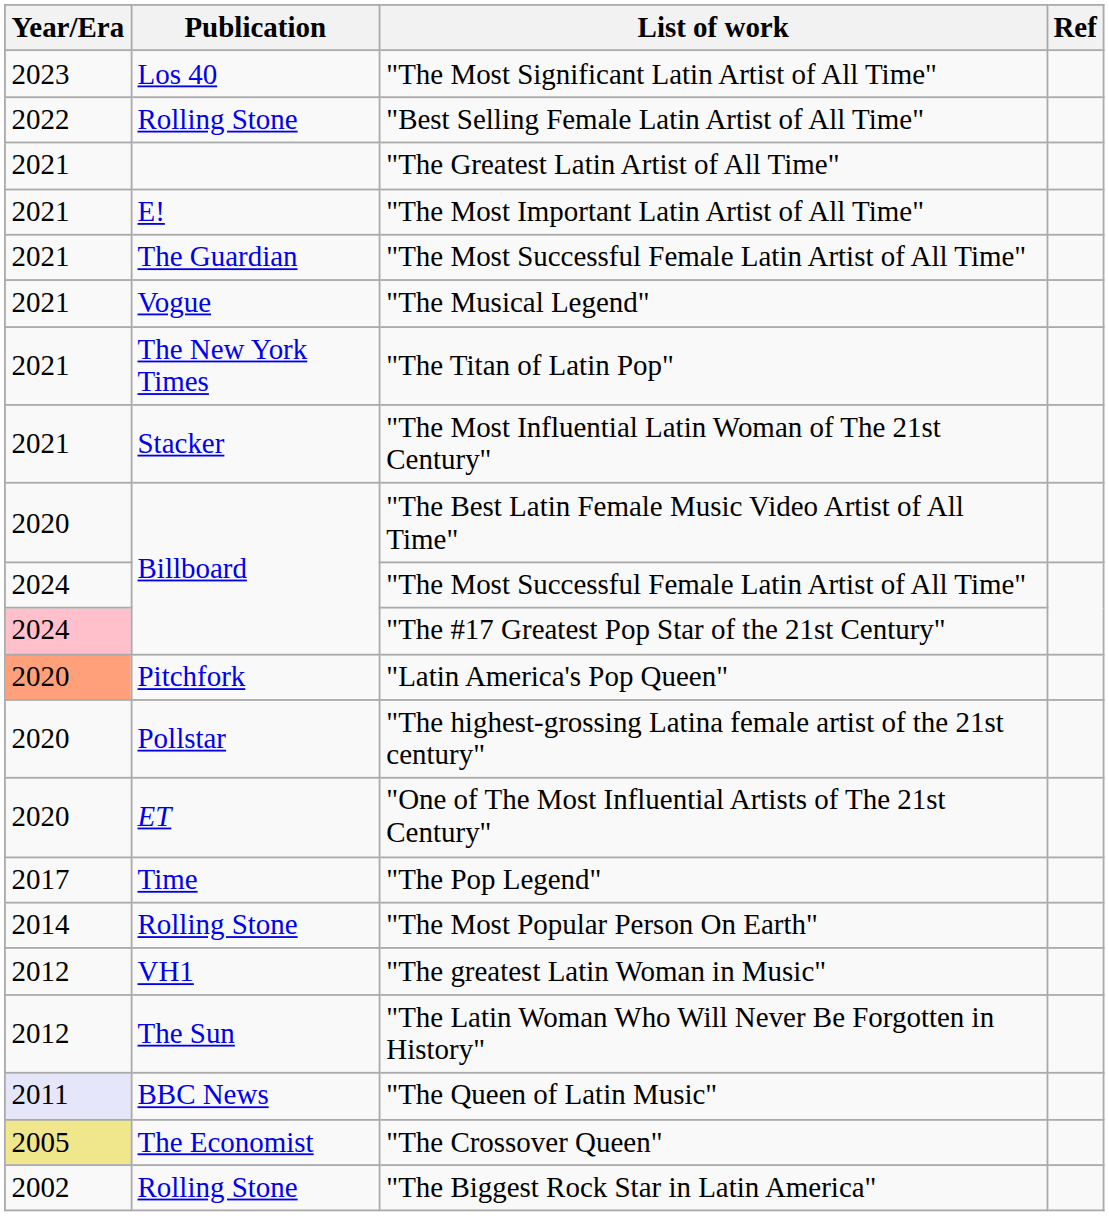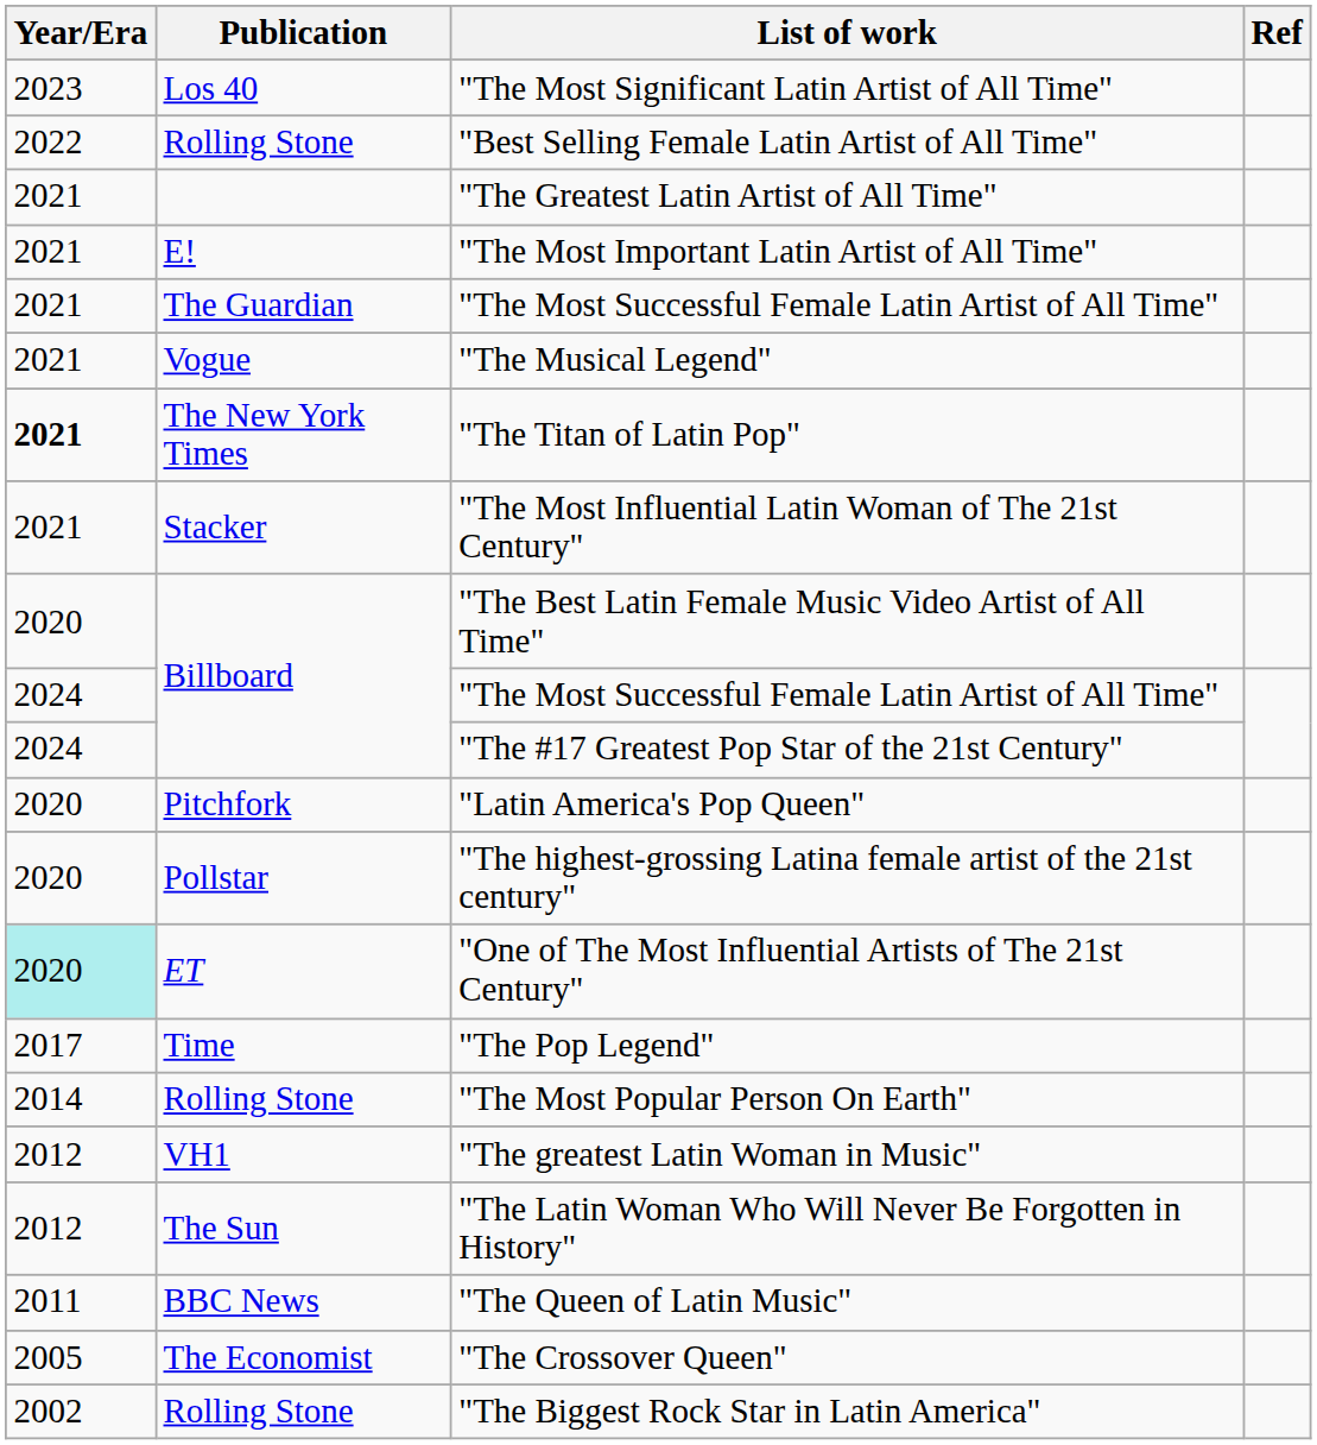 <table class="wikitable">
 <tr>
 <th>Year/Era</th>
 <th>Publication</th>
 <th>List of work</th>
 <th>Ref</th>
 </tr>
 <tr>
 <td>2023</td>
 <td><a href='#'>Los 40</a></td>
 <td>"The Most Significant Latin Artist of All Time"</td>
 <td></td>
 </tr>
 <tr>
 <td>2022</td>
 <td><a href='#'>Rolling Stone</a></td>
 <td>"Best Selling Female Latin Artist of All Time"</td>
 <td></td>
 </tr>
 <tr>
 <td>2021</td>
 <td></td>
 <td>"The Greatest Latin Artist of All Time"</td>
 <td></td>
 </tr>
 <tr>
 <td>2021</td>
 <td><a href='#'>E!</a></td>
 <td>"The Most Important Latin Artist of All Time"</td>
 <td></td>
 </tr>
 <tr>
 <td>2021</td>
 <td><a href='#'>The Guardian</a></td>
 <td>"The Most Successful Female Latin Artist of All Time"</td>
 <td></td>
 </tr>
 <tr>
 <td>2021</td>
 <td><a href='#'>Vogue</a></td>
 <td>"The Musical Legend"</td>
 <td></td>
 </tr>
 <tr>
-<td>2021</td>
+<td><strong>2021</strong></td>
 <td><a href='#'>The New York Times</a></td>
 <td>"The Titan of Latin Pop"</td>
 <td></td>
 </tr>
 <tr>
 <td>2021</td>
 <td><a href='#'>Stacker</a></td>
 <td>"The Most Influential Latin Woman of The 21st Century"</td>
 <td></td>
 </tr>
 <tr>
 <td>2020</td>
 <td rowspan="3"><a href='#'>Billboard</a></td>
 <td>"The Best Latin Female Music Video Artist of All Time"</td>
 <td></td>
 </tr>
 <tr>
 <td>2024</td>
 <td>"The Most Successful Female Latin Artist of All Time"</td>
 <td rowspan="2"></td>
 </tr>
 <tr>
-<td style="background: pink;">2024</td>
+<td>2024</td>
 <td>"The #17 Greatest Pop Star of the 21st Century"</td>
 </tr>
 <tr>
-<td style="background: lightsalmon;">2020</td>
+<td>2020</td>
 <td><a href='#'>Pitchfork</a></td>
 <td>"Latin America's Pop Queen"</td>
 <td></td>
 </tr>
 <tr>
 <td>2020</td>
 <td><a href='#'>Pollstar</a></td>
 <td>"The highest-grossing Latina female artist of the 21st century"</td>
 <td></td>
 </tr>
 <tr>
-<td>2020</td>
+<td style="background: paleturquoise;">2020</td>
 <td><em><a href='#'>ET</a></em></td>
 <td>"One of The Most Influential Artists of The 21st Century"</td>
 <td></td>
 </tr>
 <tr>
 <td>2017</td>
 <td><a href='#'>Time</a></td>
 <td>"The Pop Legend"</td>
 <td></td>
 </tr>
 <tr>
 <td>2014</td>
 <td><a href='#'>Rolling Stone</a></td>
 <td>"The Most Popular Person On Earth"</td>
 <td></td>
 </tr>
 <tr>
 <td>2012</td>
 <td><a href='#'>VH1</a></td>
 <td>"The greatest Latin Woman in Music"</td>
 <td></td>
 </tr>
 <tr>
 <td>2012</td>
 <td><a href='#'>The Sun</a></td>
 <td>"The Latin Woman Who Will Never Be Forgotten in History"</td>
 <td></td>
 </tr>
 <tr>
-<td style="background: lavender;">2011</td>
+<td>2011</td>
 <td><a href='#'>BBC News</a></td>
 <td>"The Queen of Latin Music"</td>
 <td></td>
 </tr>
 <tr>
-<td style="background: khaki;">2005</td>
+<td>2005</td>
 <td><a href='#'>The Economist</a></td>
 <td>"The Crossover Queen"</td>
 <td></td>
 </tr>
 <tr>
 <td>2002</td>
 <td><a href='#'>Rolling Stone</a></td>
 <td>"The Biggest Rock Star in Latin America"</td>
 <td></td>
 </tr>
 </table>
